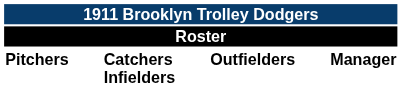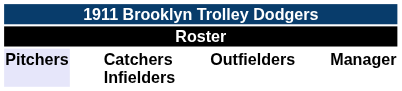 <table class="toccolours" style="font-size: 95%;">
 <tr>
 <th colspan="10" style="background-color: #083c6b; color: white; text-align: center;">1911 Brooklyn Trolley Dodgers</th>
 </tr>
 <tr>
 <td colspan="10" style="background-color: black; color: white; text-align: center;"><strong>Roster</strong></td>
 </tr>
 <tr>
-<td valign="top"><strong>Pitchers</strong><br>            </td>
+<td valign="top" style="background: lavender;"><strong>Pitchers</strong><br>            </td>
 <td width="25px"></td>
 <td valign="top"><strong>Catchers</strong><br>    <strong>Infielders</strong>         </td>
 <td width="25px"></td>
 <td valign="top"><strong>Outfielders</strong><br>         </td>
 <td width="25px"></td>
 <td valign="top"><strong>Manager</strong><br></td>
 </tr>
 </table>
